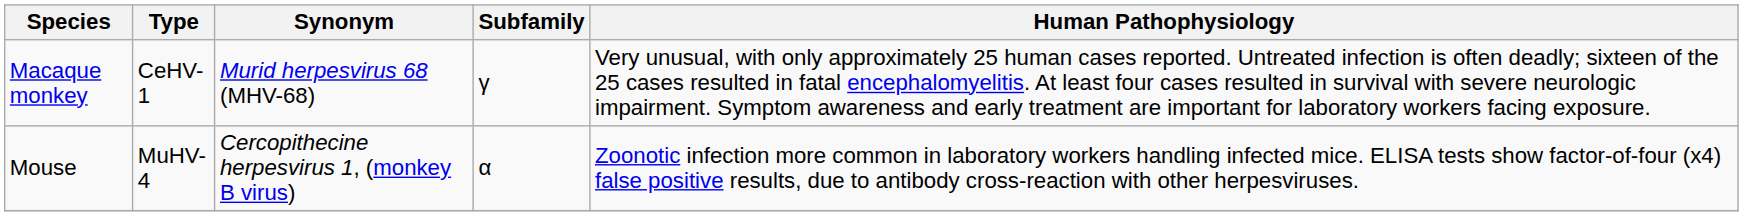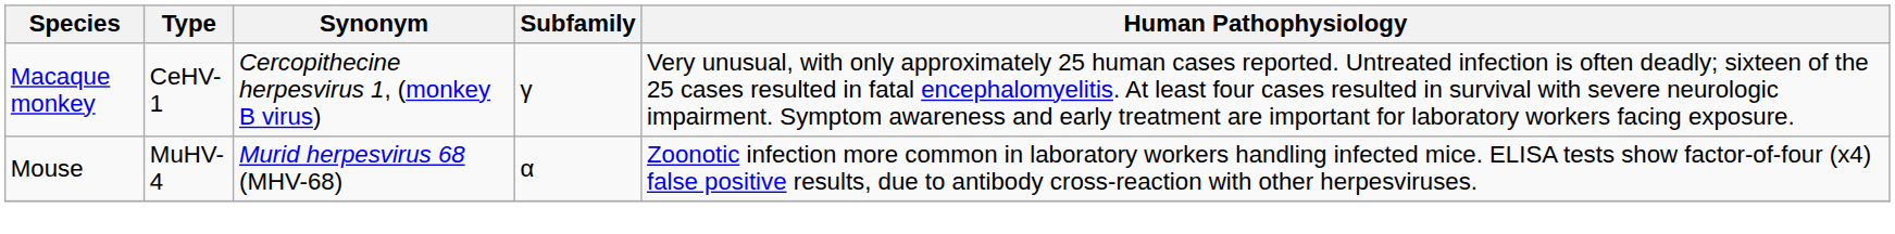 <table class = "wikitable" style = "float:left; font-size:100%; margin-left:15px width:65%">
 <tr>
 <th>Species</th>
 <th>Type</th>
 <th>Synonym</th>
 <th>Subfamily</th>
 <th>Human Pathophysiology</th>
 </tr>
 <tr>
 <td><a href='#'>Macaque monkey</a></td>
 <td>CeHV-1</td>
-<td><em><a href='#'>Murid herpesvirus 68</a></em> (MHV-68)</td>
+<td><em>Cercopithecine herpesvirus 1</em>, (<a href='#'>monkey B virus</a>)</td>
 <td>γ</td>
 <td>Very unusual, with only approximately 25 human cases reported.  Untreated infection is often deadly; sixteen of the 25 cases resulted in fatal <a href='#'>encephalomyelitis</a>.  At least four cases resulted in survival with severe neurologic impairment.  Symptom awareness and early treatment are important for laboratory workers facing exposure.</td>
 </tr>
 <tr>
 <td>Mouse</td>
 <td>MuHV-4</td>
-<td><em>Cercopithecine herpesvirus 1</em>, (<a href='#'>monkey B virus</a>)</td>
+<td><em><a href='#'>Murid herpesvirus 68</a></em> (MHV-68)</td>
 <td>α</td>
 <td><a href='#'>Zoonotic</a> infection more common in laboratory workers handling infected mice. ELISA tests show factor-of-four (x4) <a href='#'>false positive</a> results, due to antibody cross-reaction with other herpesviruses.</td>
 </tr>
 <tr>
 </tr>
 </table>
